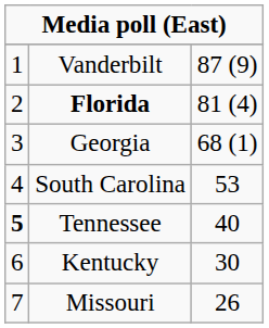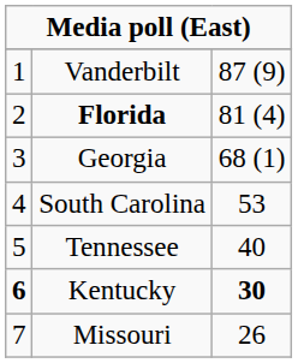 <table class="wikitable">
 <tr align="center">
 <td align="center" Colspan="3"><strong>Media poll (East)</strong></td>
 </tr>
 <tr align="center">
 </tr>
 <tr align="center">
 <td>1</td>
 <td>Vanderbilt</td>
 <td>87 (9)</td>
 </tr>
 <tr align="center">
 <td>2</td>
 <td><strong>Florida</strong></td>
 <td>81 (4)</td>
 </tr>
 <tr align="center">
 <td>3</td>
 <td>Georgia</td>
 <td>68 (1)</td>
 </tr>
 <tr align="center">
 <td>4</td>
 <td>South Carolina</td>
 <td>53</td>
 </tr>
 <tr align="center">
-<td><strong>5</strong></td>
+<td>5</td>
 <td>Tennessee</td>
 <td>40</td>
 </tr>
 <tr align="center">
-<td>6</td>
+<td><strong>6</strong></td>
 <td>Kentucky</td>
-<td>30</td>
+<td><strong>30</strong></td>
 </tr>
 <tr align="center">
 <td>7</td>
 <td>Missouri</td>
 <td>26</td>
 </tr>
 </table>
